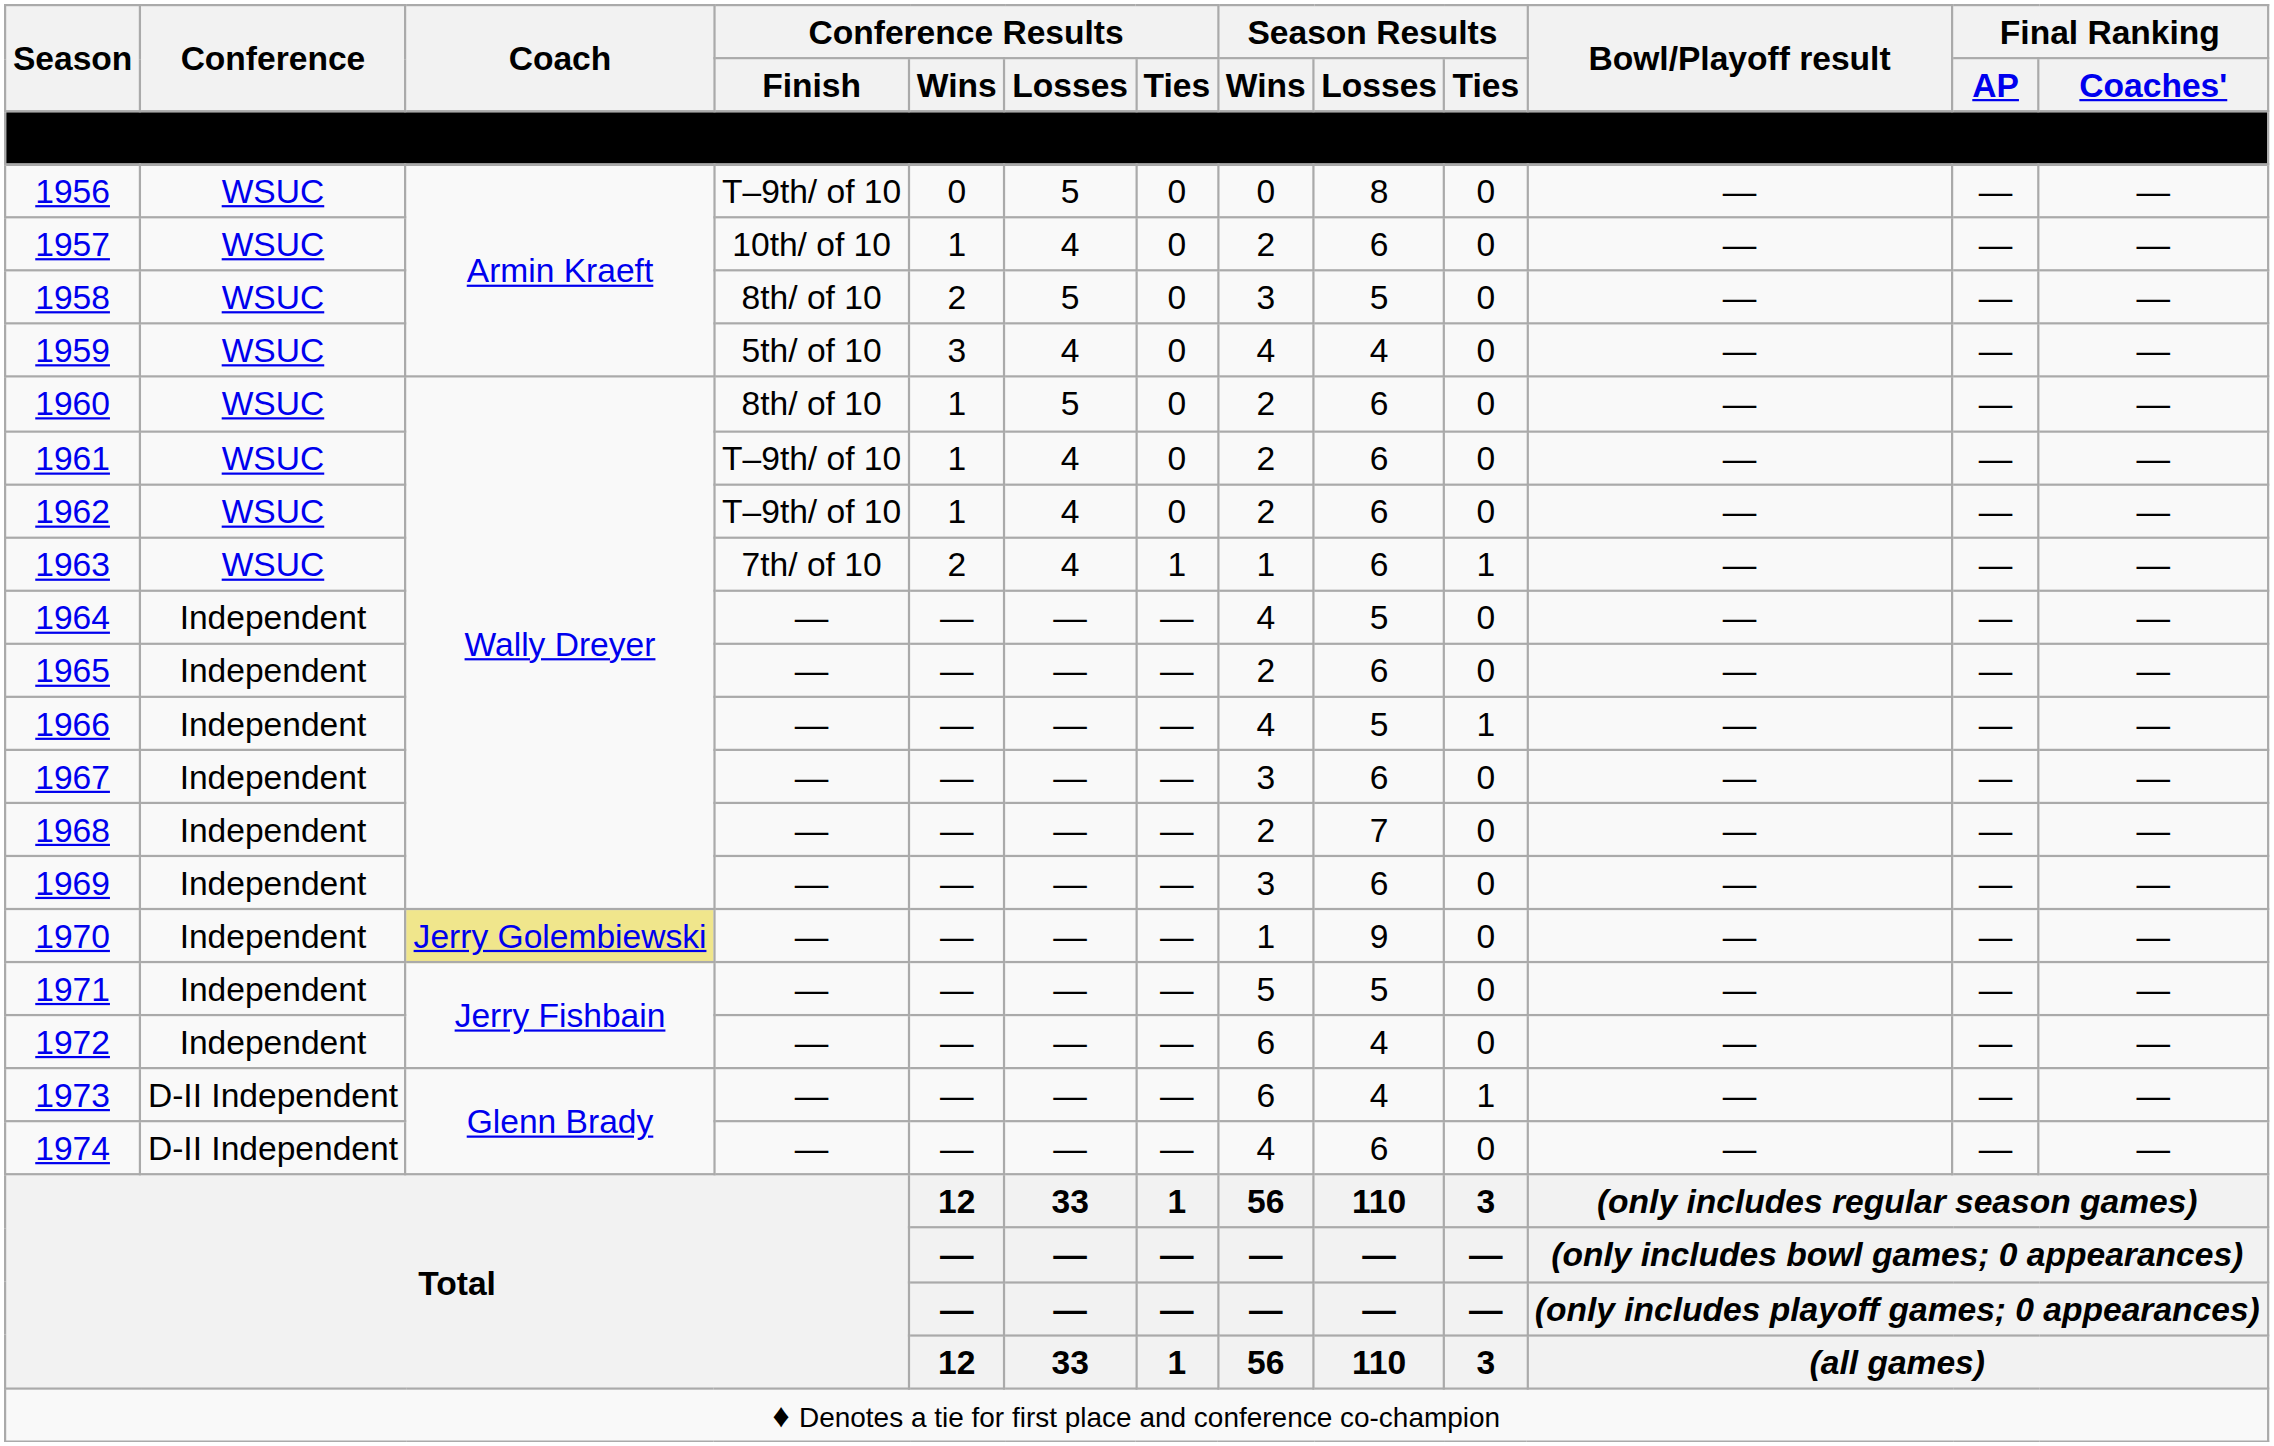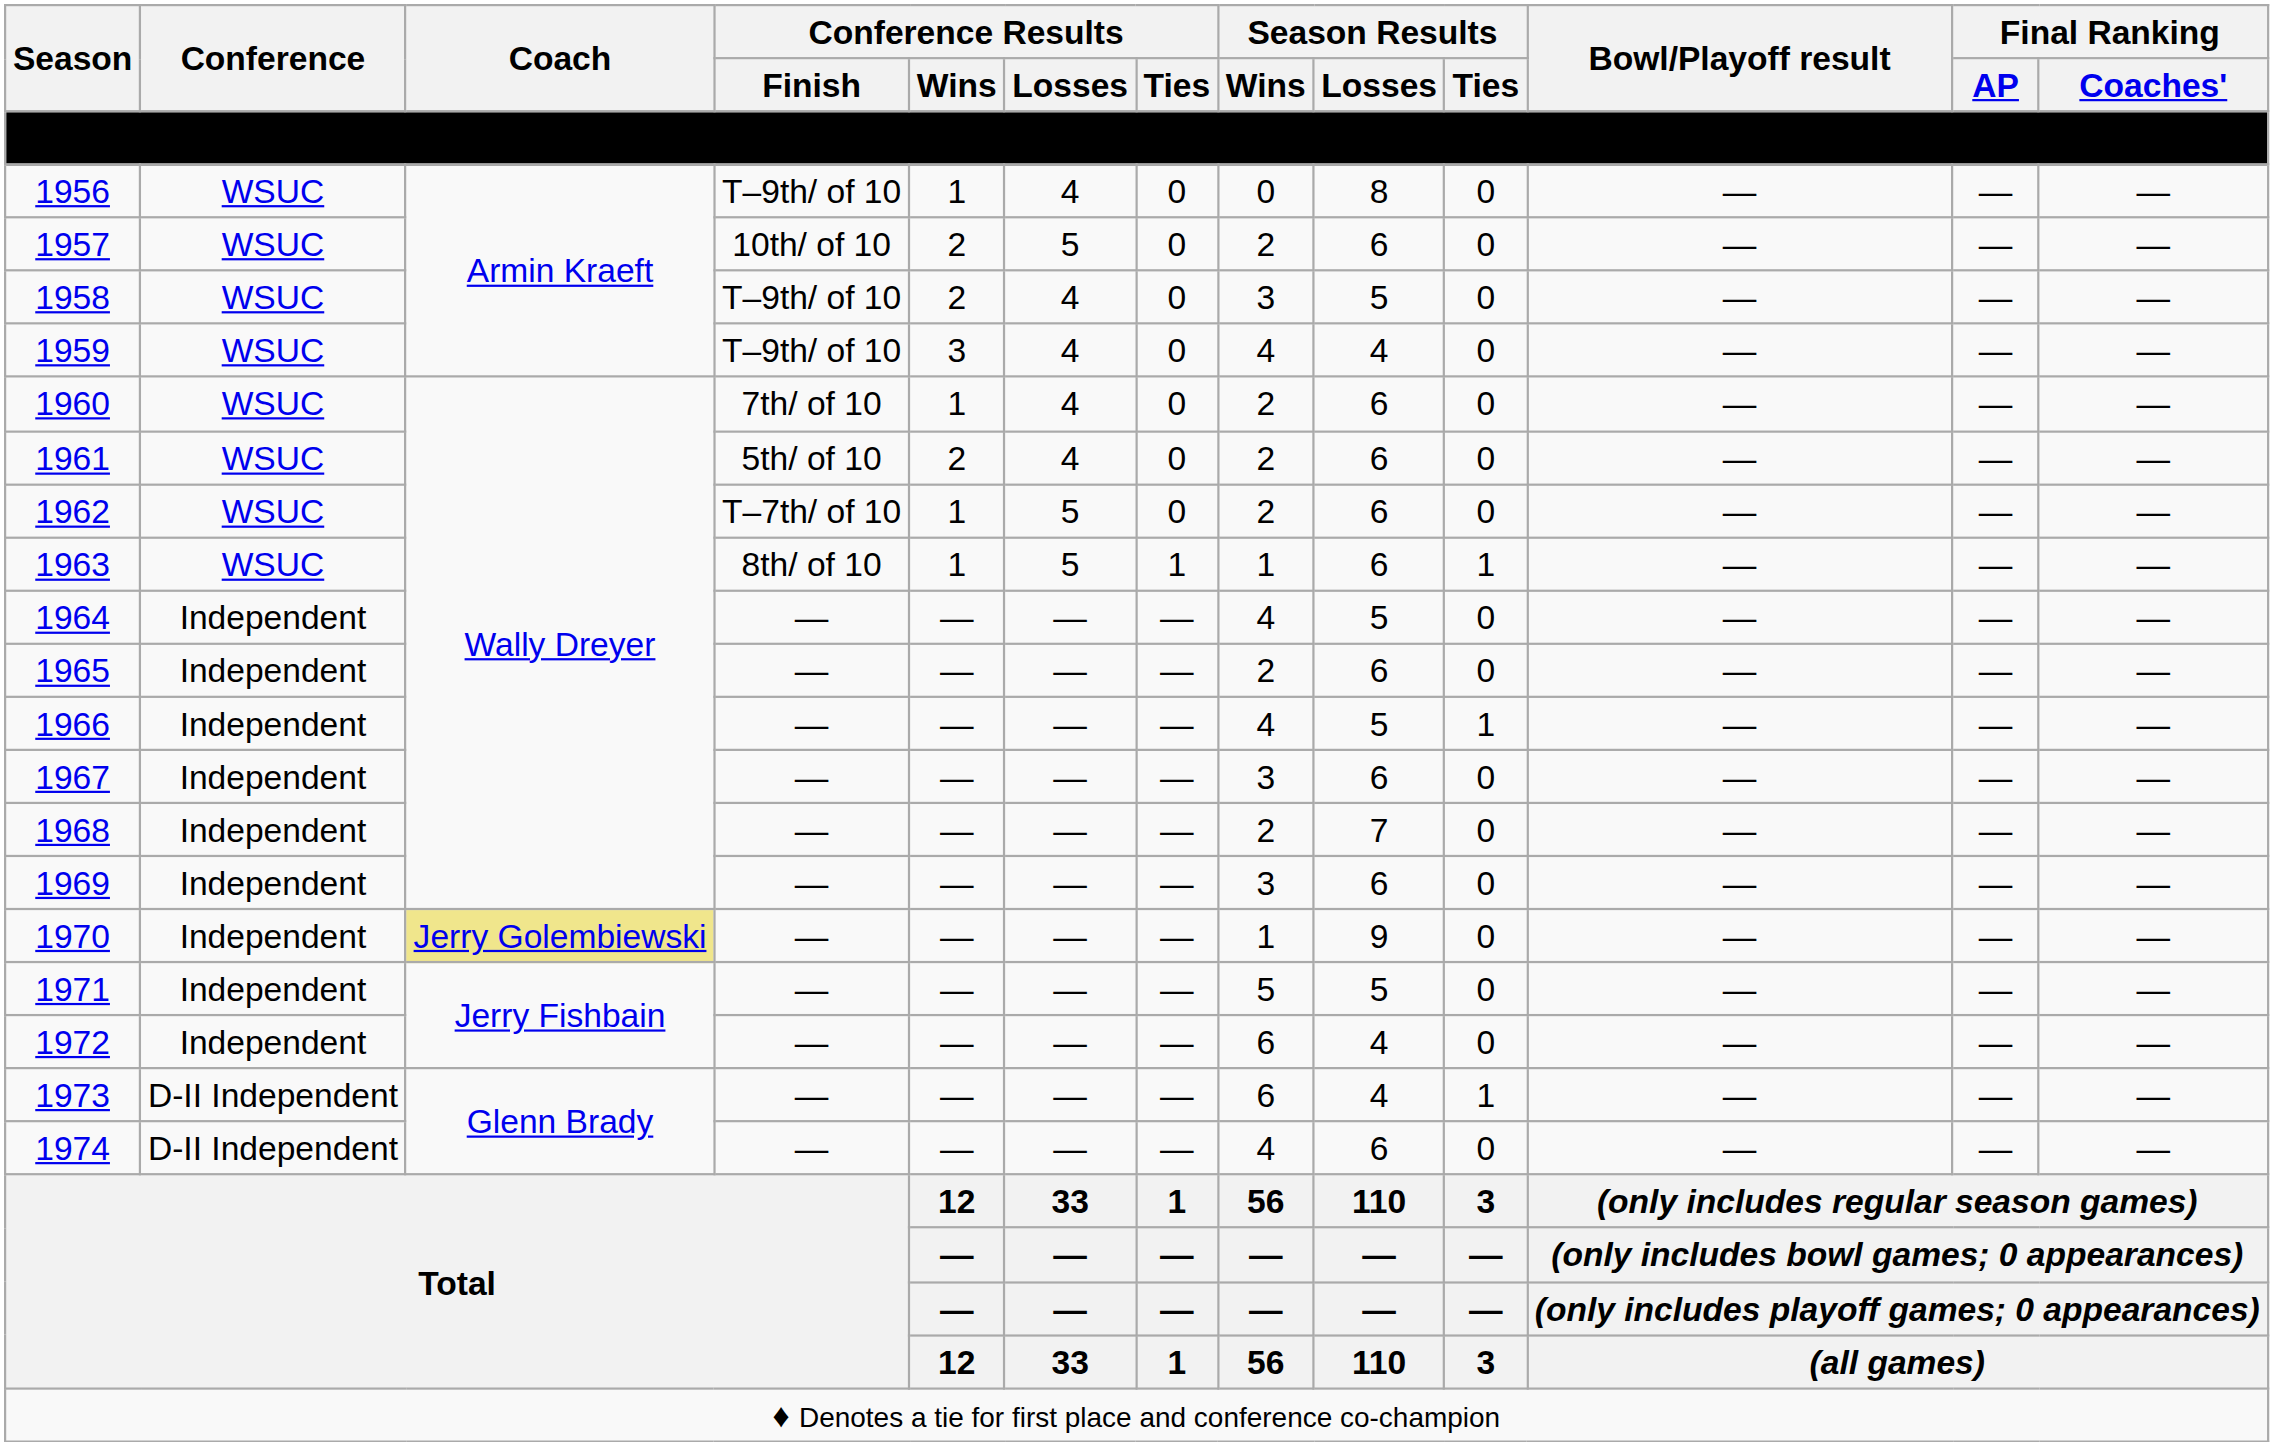 <table class="wikitable" style="font-size: 95%;">
 <tr>
 <th rowspan="2">Season</th>
 <th rowspan="2">Conference</th>
 <th rowspan="2">Coach</th>
 <th colspan="4">Conference Results</th>
 <th colspan="3">Season Results</th>
 <th rowspan="2">Bowl/Playoff result</th>
 <th colspan="2">Final Ranking</th>
 </tr>
 <tr>
 <th>Finish</th>
 <th>Wins</th>
 <th>Losses</th>
 <th>Ties</th>
 <th>Wins</th>
 <th>Losses</th>
 <th>Ties</th>
 <th><a href='#'>AP</a></th>
 <th><a href='#'>Coaches'</a></th>
 </tr>
 <tr>
 <td align="center" Colspan="13" style="background: Black;"><span><strong>Milwaukee Panthers</strong></span></td>
 </tr>
 <tr>
 <td align="center"><a href='#'>1956</a></td>
 <td align="center" style="background:"><a href='#'>WSUC</a></td>
 <td align="center" rowspan=4><a href='#'>Armin Kraeft</a></td>
 <td align="center" style="background:">T–9th/ of 10</td>
-<td align="center" style="background:">0</td>
-<td align="center" style="background:">5</td>
+<td align="center" style="background:">1</td>
+<td align="center" style="background:">4</td>
 <td align="center" style="background:">0</td>
 <td align="center" style="background:">0</td>
 <td align="center" style="background:">8</td>
 <td align="center" style="background:">0</td>
 <td align="center" style="background:">—</td>
 <td align="center" style="background:">—</td>
 <td align="center" style="background:">—</td>
 </tr>
 <tr>
 <td align="center"><a href='#'>1957</a></td>
 <td align="center" style="background:"><a href='#'>WSUC</a></td>
 <td align="center" style="background:">10th/ of 10</td>
-<td align="center" style="background:">1</td>
-<td align="center" style="background:">4</td>
+<td align="center" style="background:">2</td>
+<td align="center" style="background:">5</td>
 <td align="center" style="background:">0</td>
 <td align="center" style="background:">2</td>
 <td align="center" style="background:">6</td>
 <td align="center" style="background:">0</td>
 <td align="center" style="background:">—</td>
 <td align="center" style="background:">—</td>
 <td align="center" style="background:">—</td>
 </tr>
 <tr>
 <td align="center"><a href='#'>1958</a></td>
 <td align="center" style="background:"><a href='#'>WSUC</a></td>
-<td align="center" style="background:">8th/ of 10</td>
+<td align="center" style="background:">T–9th/ of 10</td>
 <td align="center" style="background:">2</td>
-<td align="center" style="background:">5</td>
+<td align="center" style="background:">4</td>
 <td align="center" style="background:">0</td>
 <td align="center" style="background:">3</td>
 <td align="center" style="background:">5</td>
 <td align="center" style="background:">0</td>
 <td align="center" style="background:">—</td>
 <td align="center" style="background:">—</td>
 <td align="center" style="background:">—</td>
 </tr>
 <tr>
 <td align="center"><a href='#'>1959</a></td>
 <td align="center" style="background:"><a href='#'>WSUC</a></td>
-<td align="center" style="background:">5th/ of 10</td>
+<td align="center" style="background:">T–9th/ of 10</td>
 <td align="center" style="background:">3</td>
 <td align="center" style="background:">4</td>
 <td align="center" style="background:">0</td>
 <td align="center" style="background:">4</td>
 <td align="center" style="background:">4</td>
 <td align="center" style="background:">0</td>
 <td align="center" style="background:">—</td>
 <td align="center" style="background:">—</td>
 <td align="center" style="background:">—</td>
 </tr>
 <tr>
 <td align="center"><a href='#'>1960</a></td>
 <td align="center" style="background:"><a href='#'>WSUC</a></td>
 <td align="center" rowspan=10><a href='#'>Wally Dreyer</a></td>
-<td align="center" style="background:">8th/ of 10</td>
+<td align="center" style="background:">7th/ of 10</td>
 <td align="center" style="background:">1</td>
-<td align="center" style="background:">5</td>
+<td align="center" style="background:">4</td>
 <td align="center" style="background:">0</td>
 <td align="center" style="background:">2</td>
 <td align="center" style="background:">6</td>
 <td align="center" style="background:">0</td>
 <td align="center" style="background:">—</td>
 <td align="center" style="background:">—</td>
 <td align="center" style="background:">—</td>
 </tr>
 <tr>
 <td align="center"><a href='#'>1961</a></td>
 <td align="center" style="background:"><a href='#'>WSUC</a></td>
-<td align="center" style="background:">T–9th/ of 10</td>
-<td align="center" style="background:">1</td>
+<td align="center" style="background:">5th/ of 10</td>
+<td align="center" style="background:">2</td>
 <td align="center" style="background:">4</td>
 <td align="center" style="background:">0</td>
 <td align="center" style="background:">2</td>
 <td align="center" style="background:">6</td>
 <td align="center" style="background:">0</td>
 <td align="center" style="background:">—</td>
 <td align="center" style="background:">—</td>
 <td align="center" style="background:">—</td>
 </tr>
 <tr>
 <td align="center"><a href='#'>1962</a></td>
 <td align="center" style="background:"><a href='#'>WSUC</a></td>
-<td align="center" style="background:">T–9th/ of 10</td>
+<td align="center" style="background:">T–7th/ of 10</td>
 <td align="center" style="background:">1</td>
-<td align="center" style="background:">4</td>
+<td align="center" style="background:">5</td>
 <td align="center" style="background:">0</td>
 <td align="center" style="background:">2</td>
 <td align="center" style="background:">6</td>
 <td align="center" style="background:">0</td>
 <td align="center" style="background:">—</td>
 <td align="center" style="background:">—</td>
 <td align="center" style="background:">—</td>
 </tr>
 <tr>
 <td align="center"><a href='#'>1963</a></td>
 <td align="center" style="background:"><a href='#'>WSUC</a></td>
-<td align="center" style="background:">7th/ of 10</td>
-<td align="center" style="background:">2</td>
-<td align="center" style="background:">4</td>
+<td align="center" style="background:">8th/ of 10</td>
+<td align="center" style="background:">1</td>
+<td align="center" style="background:">5</td>
 <td align="center" style="background:">1</td>
 <td align="center" style="background:">1</td>
 <td align="center" style="background:">6</td>
 <td align="center" style="background:">1</td>
 <td align="center" style="background:">—</td>
 <td align="center" style="background:">—</td>
 <td align="center" style="background:">—</td>
 </tr>
 <tr>
 <td align="center"><a href='#'>1964</a></td>
 <td align="center" style="background:">Independent</td>
 <td align="center" style="background:">—</td>
 <td align="center" style="background:">—</td>
 <td align="center" style="background:">—</td>
 <td align="center" style="background:">—</td>
 <td align="center" style="background:">4</td>
 <td align="center" style="background:">5</td>
 <td align="center" style="background:">0</td>
 <td align="center" style="background:">—</td>
 <td align="center" style="background:">—</td>
 <td align="center" style="background:">—</td>
 </tr>
 <tr>
 <td align="center"><a href='#'>1965</a></td>
 <td align="center" style="background:">Independent</td>
 <td align="center" style="background:">—</td>
 <td align="center" style="background:">—</td>
 <td align="center" style="background:">—</td>
 <td align="center" style="background:">—</td>
 <td align="center" style="background:">2</td>
 <td align="center" style="background:">6</td>
 <td align="center" style="background:">0</td>
 <td align="center" style="background:">—</td>
 <td align="center" style="background:">—</td>
 <td align="center" style="background:">—</td>
 </tr>
 <tr>
 <td align="center"><a href='#'>1966</a></td>
 <td align="center" style="background:">Independent</td>
 <td align="center" style="background:">—</td>
 <td align="center" style="background:">—</td>
 <td align="center" style="background:">—</td>
 <td align="center" style="background:">—</td>
 <td align="center" style="background:">4</td>
 <td align="center" style="background:">5</td>
 <td align="center" style="background:">1</td>
 <td align="center" style="background:">—</td>
 <td align="center" style="background:">—</td>
 <td align="center" style="background:">—</td>
 </tr>
 <tr>
 <td align="center"><a href='#'>1967</a></td>
 <td align="center" style="background:">Independent</td>
 <td align="center" style="background:">—</td>
 <td align="center" style="background:">—</td>
 <td align="center" style="background:">—</td>
 <td align="center" style="background:">—</td>
 <td align="center" style="background:">3</td>
 <td align="center" style="background:">6</td>
 <td align="center" style="background:">0</td>
 <td align="center" style="background:">—</td>
 <td align="center" style="background:">—</td>
 <td align="center" style="background:">—</td>
 </tr>
 <tr>
 <td align="center"><a href='#'>1968</a></td>
 <td align="center" style="background:">Independent</td>
 <td align="center" style="background:">—</td>
 <td align="center" style="background:">—</td>
 <td align="center" style="background:">—</td>
 <td align="center" style="background:">—</td>
 <td align="center" style="background:">2</td>
 <td align="center" style="background:">7</td>
 <td align="center" style="background:">0</td>
 <td align="center" style="background:">—</td>
 <td align="center" style="background:">—</td>
 <td align="center" style="background:">—</td>
 </tr>
 <tr>
 <td align="center"><a href='#'>1969</a></td>
 <td align="center" style="background:">Independent</td>
 <td align="center" style="background:">—</td>
 <td align="center" style="background:">—</td>
 <td align="center" style="background:">—</td>
 <td align="center" style="background:">—</td>
 <td align="center" style="background:">3</td>
 <td align="center" style="background:">6</td>
 <td align="center" style="background:">0</td>
 <td align="center" style="background:">—</td>
 <td align="center" style="background:">—</td>
 <td align="center" style="background:">—</td>
 </tr>
 <tr>
 <td align="center"><a href='#'>1970</a></td>
 <td align="center" style="background:">Independent</td>
 <td align="center" rowspan=1 style="background: khaki;"><a href='#'>Jerry Golembiewski</a></td>
 <td align="center" style="background:">—</td>
 <td align="center" style="background:">—</td>
 <td align="center" style="background:">—</td>
 <td align="center" style="background:">—</td>
 <td align="center" style="background:">1</td>
 <td align="center" style="background:">9</td>
 <td align="center" style="background:">0</td>
 <td align="center" style="background:">—</td>
 <td align="center" style="background:">—</td>
 <td align="center" style="background:">—</td>
 </tr>
 <tr>
 <td align="center"><a href='#'>1971</a></td>
 <td align="center" style="background:">Independent</td>
 <td align="center" rowspan=2><a href='#'>Jerry Fishbain</a></td>
 <td align="center" style="background:">—</td>
 <td align="center" style="background:">—</td>
 <td align="center" style="background:">—</td>
 <td align="center" style="background:">—</td>
 <td align="center" style="background:">5</td>
 <td align="center" style="background:">5</td>
 <td align="center" style="background:">0</td>
 <td align="center" style="background:">—</td>
 <td align="center" style="background:">—</td>
 <td align="center" style="background:">—</td>
 </tr>
 <tr>
 <td align="center"><a href='#'>1972</a></td>
 <td align="center" style="background:">Independent</td>
 <td align="center" style="background:">—</td>
 <td align="center" style="background:">—</td>
 <td align="center" style="background:">—</td>
 <td align="center" style="background:">—</td>
 <td align="center" style="background:">6</td>
 <td align="center" style="background:">4</td>
 <td align="center" style="background:">0</td>
 <td align="center" style="background:">—</td>
 <td align="center" style="background:">—</td>
 <td align="center" style="background:">—</td>
 </tr>
 <tr>
 <td align="center"><a href='#'>1973</a></td>
 <td align="center" style="background:">D-II Independent</td>
 <td align="center" rowspan=2><a href='#'>Glenn Brady</a></td>
 <td align="center" style="background:">—</td>
 <td align="center" style="background:">—</td>
 <td align="center" style="background:">—</td>
 <td align="center" style="background:">—</td>
 <td align="center" style="background:">6</td>
 <td align="center" style="background:">4</td>
 <td align="center" style="background:">1</td>
 <td align="center" style="background:">—</td>
 <td align="center" style="background:">—</td>
 <td align="center" style="background:">—</td>
 </tr>
 <tr>
 <td align="center"><a href='#'>1974</a></td>
 <td align="center" style="background:">D-II Independent</td>
 <td align="center" style="background:">—</td>
 <td align="center" style="background:">—</td>
 <td align="center" style="background:">—</td>
 <td align="center" style="background:">—</td>
 <td align="center" style="background:">4</td>
 <td align="center" style="background:">6</td>
 <td align="center" style="background:">0</td>
 <td align="center" style="background:">—</td>
 <td align="center" style="background:">—</td>
 <td align="center" style="background:">—</td>
 </tr>
 <tr>
 <th align="center" rowSpan="4" colSpan="4">Total</th>
 <th align="center">12</th>
 <th align="center">33</th>
 <th align="center">1</th>
 <th align="center">56</th>
 <th align="center">110</th>
 <th align="center">3</th>
 <th colSpan="3" align="center"><em>(only includes regular season games)</em></th>
 </tr>
 <tr>
 <th align="center">—</th>
 <th align="center">—</th>
 <th align="center">—</th>
 <th align="center">—</th>
 <th align="center">—</th>
 <th align="center">—</th>
 <th colSpan="3" align="center"><em>(only includes bowl games; 0 appearances)</em></th>
 </tr>
 <tr>
 <th align="center">—</th>
 <th align="center">—</th>
 <th align="center">—</th>
 <th align="center">—</th>
 <th align="center">—</th>
 <th align="center">—</th>
 <th colSpan="3" align="center"><em>(only includes playoff games; 0 appearances)</em></th>
 </tr>
 <tr>
 <th align="center">12</th>
 <th align="center">33</th>
 <th align="center">1</th>
 <th align="center">56</th>
 <th align="center">110</th>
 <th align="center">3</th>
 <th colSpan="3" align="center"><em>(all games)</em> </th>
 </tr>
 <tr>
 <td colspan="13" align="center">♦ <small>Denotes a tie for first place and conference co-champion</small></td>
 </tr>
 </table>
